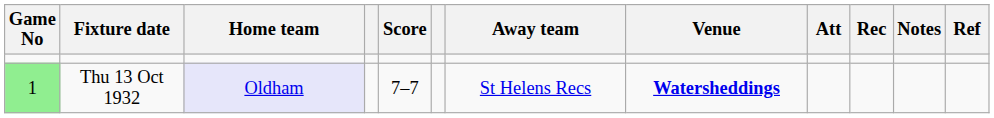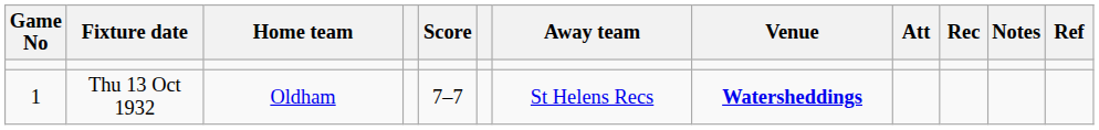 <table class="wikitable" style="text-align:center;">
 <tr>
 <th width=20 abbr="No">Game No</th>
 <th width=100 abbr="Date">Fixture date</th>
 <th width=150 abbr="Home team">Home team</th>
 <th width=5 abbr="space"></th>
 <th width=20 abbr="Score">Score</th>
 <th width=5 abbr="space"></th>
 <th width=150 abbr="Away team">Away team</th>
 <th width=150 abbr="Venue">Venue</th>
 <th width=30 abbr="Att">Att</th>
 <th width=30 abbr="Rec">Rec</th>
 <th width=20 abbr="Notes">Notes</th>
 <th width=30 abbr="Ref">Ref</th>
 </tr>
 <tr>
 <td></td>
 <td></td>
 <td></td>
 <td></td>
 <td></td>
 <td></td>
 <td></td>
 <td></td>
 <td></td>
 <td></td>
 <td></td>
 </tr>
 <tr>
-<td style="background: lightgreen;">1</td>
+<td>1</td>
 <td>Thu 13 Oct 1932</td>
-<td style="background: lavender;"><a href='#'>Oldham</a></td>
+<td><a href='#'>Oldham</a></td>
 <td></td>
 <td>7–7</td>
 <td></td>
 <td><a href='#'>St Helens Recs</a></td>
 <td><strong><a href='#'>Watersheddings</a></strong></td>
 <td></td>
 <td></td>
 <td></td>
 <td></td>
 </tr>
 </table>
